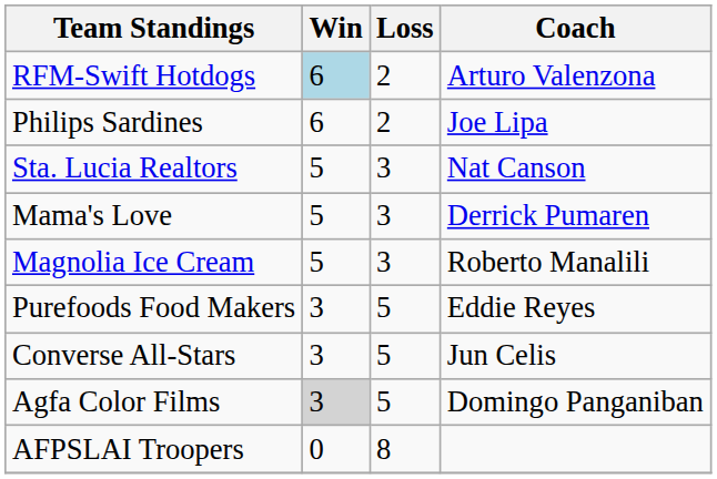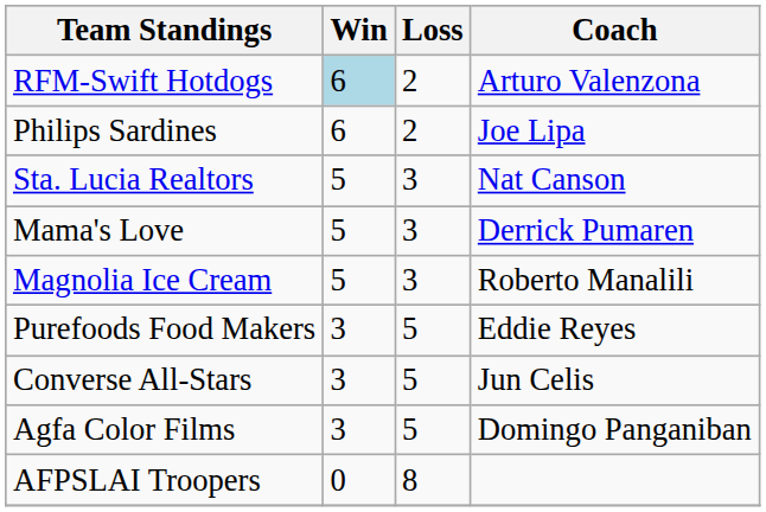 <table class="wikitable">
 <tr>
 <th>Team Standings</th>
 <th>Win</th>
 <th>Loss</th>
 <th>Coach</th>
 </tr>
 <tr>
 <td><a href='#'>RFM-Swift Hotdogs</a></td>
 <td style="background: lightblue;">6</td>
 <td>2</td>
 <td><a href='#'>Arturo Valenzona</a></td>
 </tr>
 <tr>
 <td>Philips Sardines</td>
 <td>6</td>
 <td>2</td>
 <td><a href='#'>Joe Lipa</a></td>
 </tr>
 <tr>
 <td><a href='#'>Sta. Lucia Realtors</a></td>
 <td>5</td>
 <td>3</td>
 <td><a href='#'>Nat Canson</a></td>
 </tr>
 <tr>
 <td>Mama's Love</td>
 <td>5</td>
 <td>3</td>
 <td><a href='#'>Derrick Pumaren</a></td>
 </tr>
 <tr>
 <td><a href='#'>Magnolia Ice Cream</a></td>
 <td>5</td>
 <td>3</td>
 <td>Roberto Manalili</td>
 </tr>
 <tr>
 <td>Purefoods Food Makers</td>
 <td>3</td>
 <td>5</td>
 <td>Eddie Reyes</td>
 </tr>
 <tr>
 <td>Converse All-Stars</td>
 <td>3</td>
 <td>5</td>
 <td>Jun Celis</td>
 </tr>
 <tr>
 <td>Agfa Color Films</td>
-<td style="background: lightgrey;">3</td>
+<td>3</td>
 <td>5</td>
 <td>Domingo Panganiban</td>
 </tr>
 <tr>
 <td>AFPSLAI Troopers</td>
 <td>0</td>
 <td>8</td>
 <td></td>
 </tr>
 <tr>
 </tr>
 </table>
